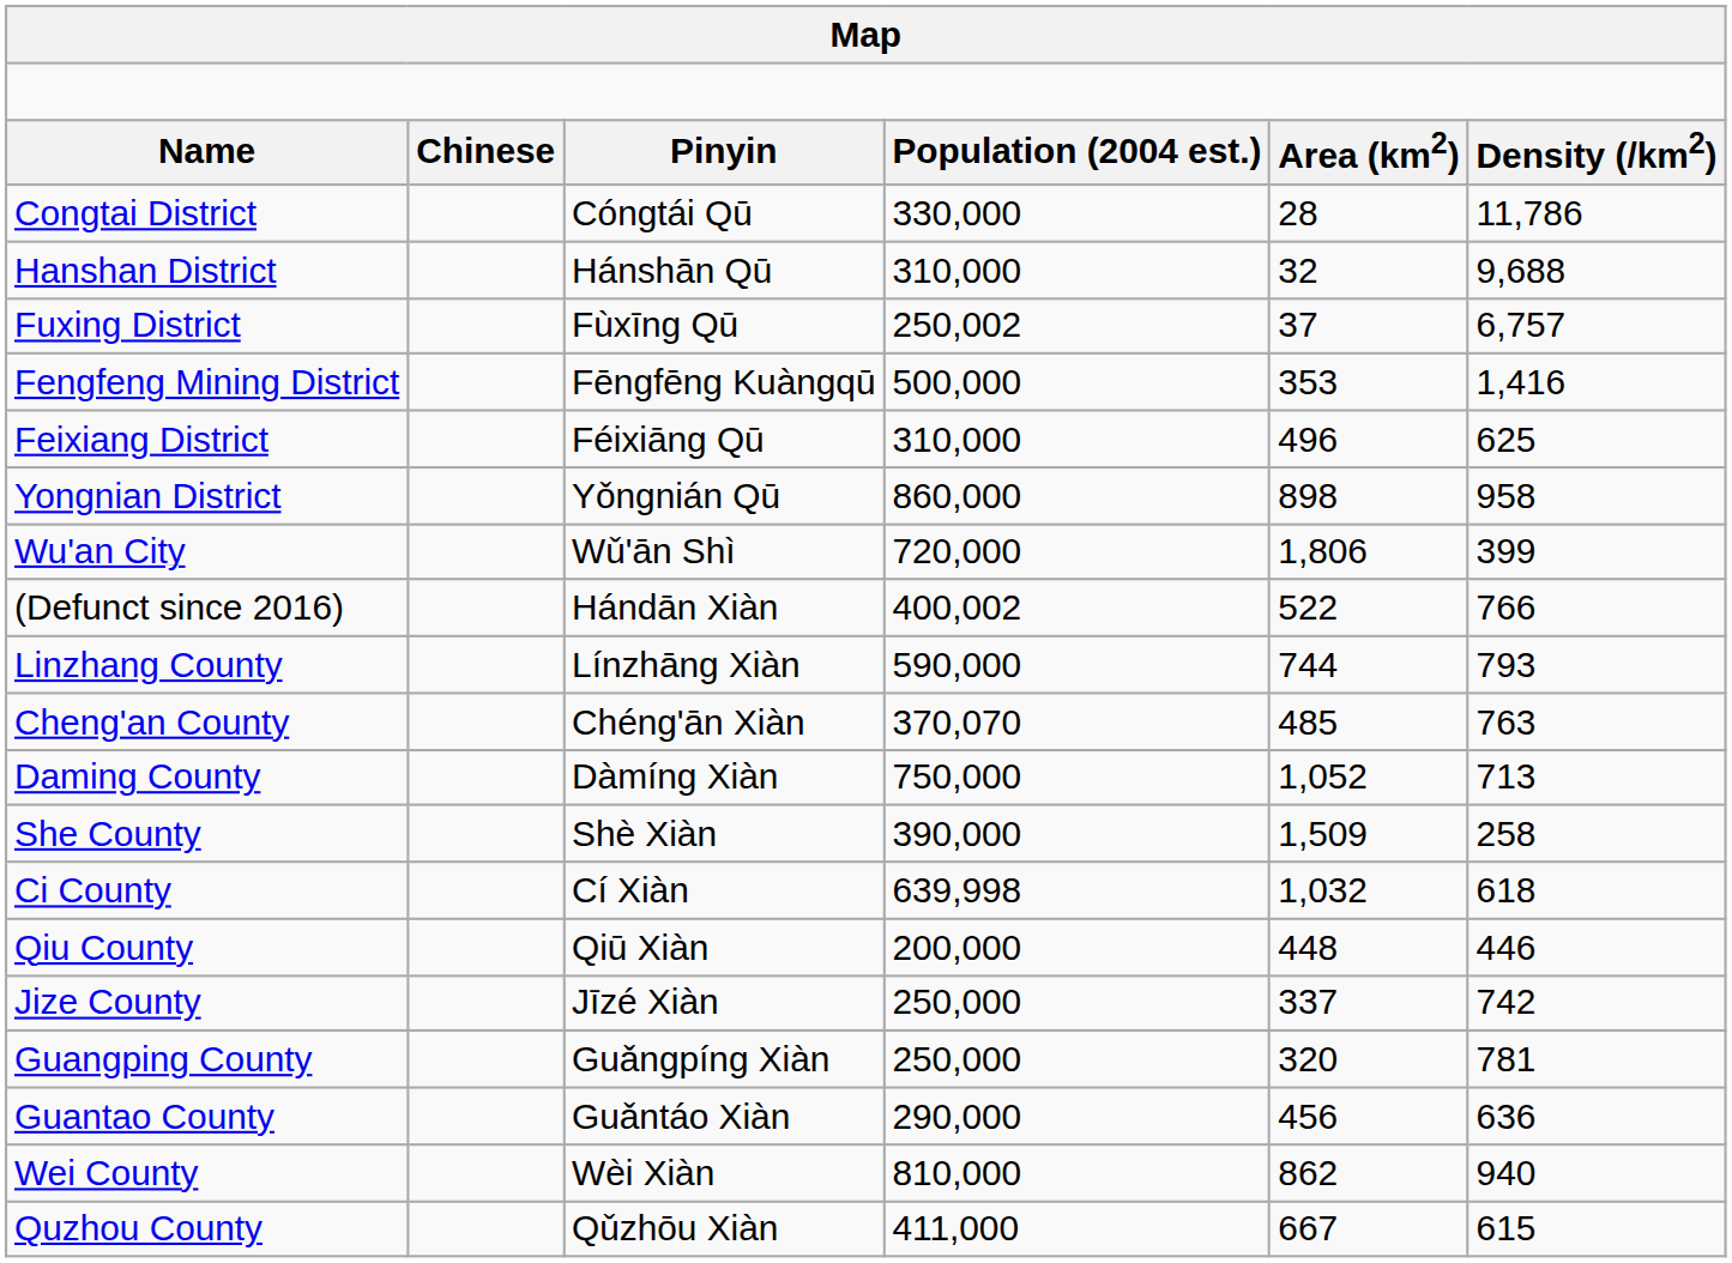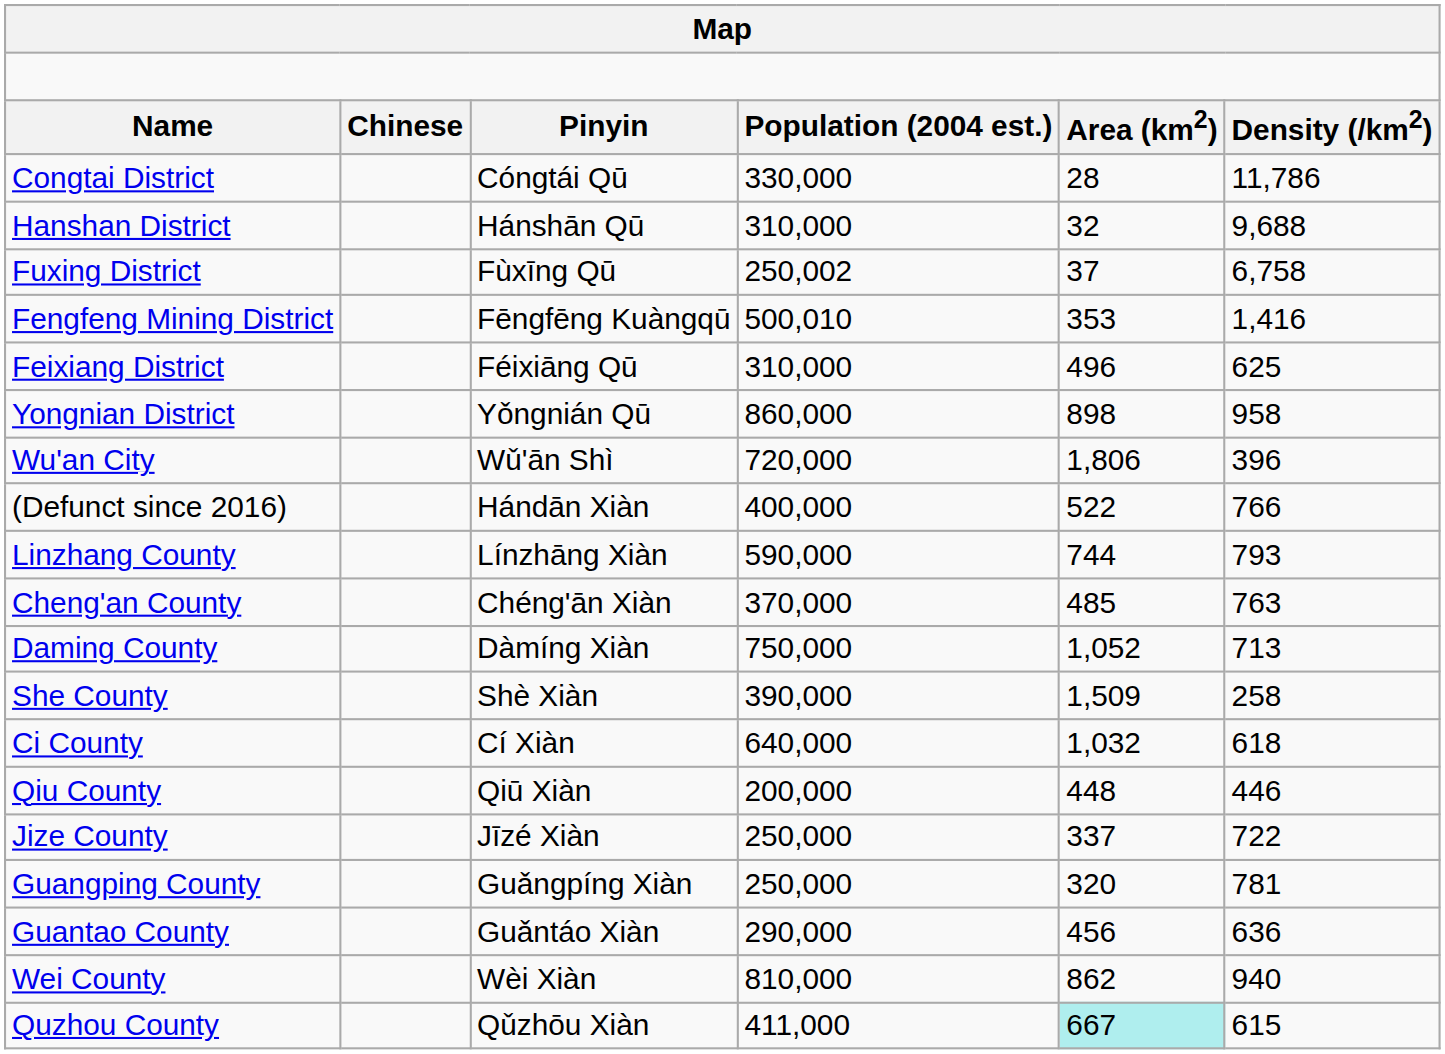 <table class="wikitable"  style="font-size:90%;" align=center>
 <tr>
 <th colspan="7" align="center">Map</th>
 </tr>
 <tr>
 <td colspan="7" align="center"><div><br>                    </div></td>
 </tr>
 <tr>
 <th>Name</th>
 <th>Chinese</th>
 <th>Pinyin</th>
 <th>Population (2004 est.)</th>
 <th>Area (km<sup>2</sup>)</th>
 <th>Density (/km<sup>2</sup>)</th>
 </tr>
 <tr>
 <td><a href='#'>Congtai District</a></td>
 <td></td>
 <td>Cóngtái Qū</td>
 <td>330,000</td>
 <td>28</td>
 <td>11,786</td>
 </tr>
 <tr>
 <td><a href='#'>Hanshan District</a></td>
 <td></td>
 <td>Hánshān Qū</td>
 <td>310,000</td>
 <td>32</td>
 <td>9,688</td>
 </tr>
 <tr>
 <td><a href='#'>Fuxing District</a></td>
 <td></td>
 <td>Fùxīng Qū</td>
 <td>250,002</td>
 <td>37</td>
-<td>6,757</td>
+<td>6,758</td>
 </tr>
 <tr>
 <td><a href='#'>Fengfeng Mining District</a></td>
 <td></td>
 <td>Fēngfēng Kuàngqū</td>
-<td>500,000</td>
+<td>500,010</td>
 <td>353</td>
 <td>1,416</td>
 </tr>
 <tr>
 <td><a href='#'>Feixiang District</a></td>
 <td></td>
 <td>Féixiāng Qū</td>
 <td>310,000</td>
 <td>496</td>
 <td>625</td>
 </tr>
 <tr>
 <td><a href='#'>Yongnian District</a></td>
 <td></td>
 <td>Yǒngnián Qū</td>
 <td>860,000</td>
 <td>898</td>
 <td>958</td>
 </tr>
 <tr>
 <td><a href='#'>Wu'an City</a></td>
 <td></td>
 <td>Wǔ'ān Shì</td>
 <td>720,000</td>
 <td>1,806</td>
-<td>399</td>
+<td>396</td>
 </tr>
 <tr>
 <td> (Defunct since 2016)</td>
 <td></td>
 <td>Hándān Xiàn</td>
-<td>400,002</td>
+<td>400,000</td>
 <td>522</td>
 <td>766</td>
 </tr>
 <tr>
 <td><a href='#'>Linzhang County</a></td>
 <td></td>
 <td>Línzhāng Xiàn</td>
 <td>590,000</td>
 <td>744</td>
 <td>793</td>
 </tr>
 <tr>
 <td><a href='#'>Cheng'an County</a></td>
 <td></td>
 <td>Chéng'ān Xiàn</td>
-<td>370,070</td>
+<td>370,000</td>
 <td>485</td>
 <td>763</td>
 </tr>
 <tr>
 <td><a href='#'>Daming County</a></td>
 <td></td>
 <td>Dàmíng Xiàn</td>
 <td>750,000</td>
 <td>1,052</td>
 <td>713</td>
 </tr>
 <tr>
 <td><a href='#'>She County</a></td>
 <td></td>
 <td>Shè Xiàn</td>
 <td>390,000</td>
 <td>1,509</td>
 <td>258</td>
 </tr>
 <tr>
 <td><a href='#'>Ci County</a></td>
 <td></td>
 <td>Cí Xiàn</td>
-<td>639,998</td>
+<td>640,000</td>
 <td>1,032</td>
 <td>618</td>
 </tr>
 <tr>
 <td><a href='#'>Qiu County</a></td>
 <td></td>
 <td>Qiū Xiàn</td>
 <td>200,000</td>
 <td>448</td>
 <td>446</td>
 </tr>
 <tr>
 <td><a href='#'>Jize County</a></td>
 <td></td>
 <td>Jīzé Xiàn</td>
 <td>250,000</td>
 <td>337</td>
-<td>742</td>
+<td>722</td>
 </tr>
 <tr>
 <td><a href='#'>Guangping County</a></td>
 <td></td>
 <td>Guǎngpíng Xiàn</td>
 <td>250,000</td>
 <td>320</td>
 <td>781</td>
 </tr>
 <tr>
 <td><a href='#'>Guantao County</a></td>
 <td></td>
 <td>Guǎntáo Xiàn</td>
 <td>290,000</td>
 <td>456</td>
 <td>636</td>
 </tr>
 <tr>
 <td><a href='#'>Wei County</a></td>
 <td></td>
 <td>Wèi Xiàn</td>
 <td>810,000</td>
 <td>862</td>
 <td>940</td>
 </tr>
 <tr>
 <td><a href='#'>Quzhou County</a></td>
 <td></td>
 <td>Qǔzhōu Xiàn</td>
 <td>411,000</td>
-<td>667</td>
+<td style="background: paleturquoise;">667</td>
 <td>615</td>
 </tr>
 </table>
